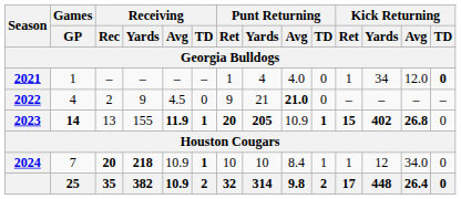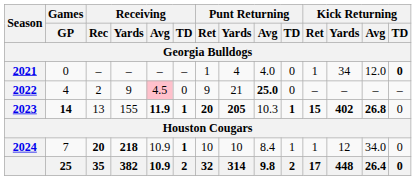 <table class="wikitable" style="text-align:center;">
 <tr>
 <th rowspan="2">Season</th>
 <th>Games</th>
 <th colspan="4">Receiving</th>
 <th colspan="4">Punt Returning</th>
 <th colspan="4">Kick Returning</th>
 </tr>
 <tr>
 <th>GP</th>
 <th>Rec</th>
 <th>Yards</th>
 <th>Avg</th>
 <th>TD</th>
 <th>Ret</th>
 <th>Yards</th>
 <th>Avg</th>
 <th>TD</th>
 <th>Ret</th>
 <th>Yards</th>
 <th>Avg</th>
 <th>TD</th>
 </tr>
 <tr>
 <th colspan="15">Georgia Bulldogs</th>
 </tr>
 <tr>
 <th><a href='#'>2021</a></th>
-<td>1</td>
+<td>0</td>
 <td>–</td>
 <td>–</td>
 <td>–</td>
 <td>–</td>
 <td>1</td>
 <td>4</td>
 <td>4.0</td>
 <td>0</td>
 <td>1</td>
 <td>34</td>
 <td>12.0</td>
 <td><strong>0</strong></td>
 </tr>
 <tr>
 <th><a href='#'>2022</a></th>
 <td>4</td>
 <td>2</td>
 <td>9</td>
-<td>4.5</td>
+<td style="background: pink;">4.5</td>
 <td>0</td>
 <td>9</td>
 <td>21</td>
-<td><strong>21.0</strong></td>
+<td><strong>25.0</strong></td>
 <td>0</td>
 <td>–</td>
 <td>–</td>
 <td>–</td>
 <td>–</td>
 </tr>
 <tr>
 <th><a href='#'>2023</a></th>
 <td><strong>14</strong></td>
 <td>13</td>
 <td>155</td>
 <td><strong>11.9</strong></td>
 <td><strong>1</strong></td>
 <td><strong>20</strong></td>
 <td><strong>205</strong></td>
-<td>10.9</td>
+<td>10.3</td>
 <td><strong>1</strong></td>
 <td><strong>15</strong></td>
 <td><strong>402</strong></td>
 <td><strong>26.8</strong></td>
 <td>0</td>
 </tr>
 <tr>
 <th colspan="15">Houston Cougars</th>
 </tr>
 <tr>
 <th><a href='#'>2024</a></th>
 <td>7</td>
 <td><strong>20</strong></td>
 <td><strong>218</strong></td>
 <td>10.9</td>
 <td><strong>1</strong></td>
 <td>10</td>
 <td>10</td>
 <td>8.4</td>
 <td>1</td>
 <td>1</td>
 <td>12</td>
 <td>34.0</td>
 <td>0</td>
 </tr>
 <tr>
 <th></th>
 <th>25</th>
 <th>35</th>
 <th>382</th>
 <th>10.9</th>
 <th>2</th>
 <th>32</th>
 <th>314</th>
 <th>9.8</th>
 <th>2</th>
 <th>17</th>
 <th>448</th>
 <th>26.4</th>
 <th>0</th>
 </tr>
 </table>
